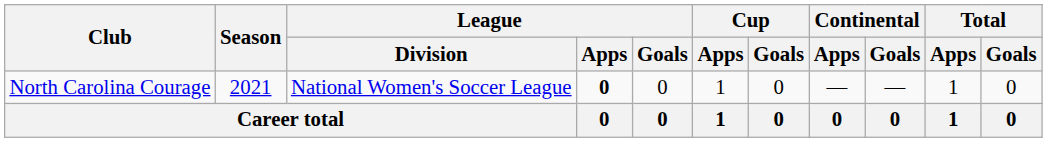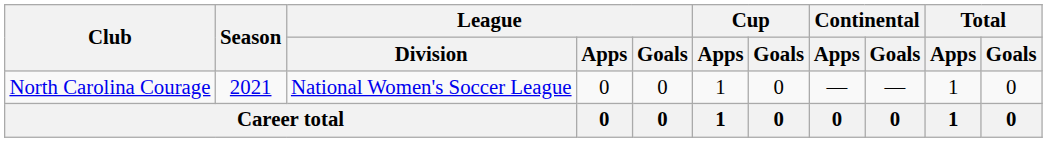 <table class=wikitable style=text-align:center>
 <tr>
 <th rowspan=2>Club</th>
 <th rowspan=2>Season</th>
 <th colspan=3>League</th>
 <th colspan=2>Cup</th>
 <th colspan=2>Continental</th>
 <th colspan=2>Total</th>
 </tr>
 <tr>
 <th>Division</th>
 <th>Apps</th>
 <th>Goals</th>
 <th>Apps</th>
 <th>Goals</th>
 <th>Apps</th>
 <th>Goals</th>
 <th>Apps</th>
 <th>Goals</th>
 </tr>
 <tr>
 <td rowspan=1><a href='#'>North Carolina Courage</a></td>
 <td><a href='#'>2021</a></td>
 <td><a href='#'>National Women's Soccer League</a></td>
-<td><strong>0</strong></td>
+<td>0</td>
 <td>0</td>
 <td>1</td>
 <td>0</td>
 <td>—</td>
 <td>—</td>
 <td>1</td>
 <td>0</td>
 </tr>
 <tr>
 <th colspan=3>Career total</th>
 <th>0</th>
 <th>0</th>
 <th>1</th>
 <th>0</th>
 <th>0</th>
 <th>0</th>
 <th>1</th>
 <th>0</th>
 </tr>
 </table>
